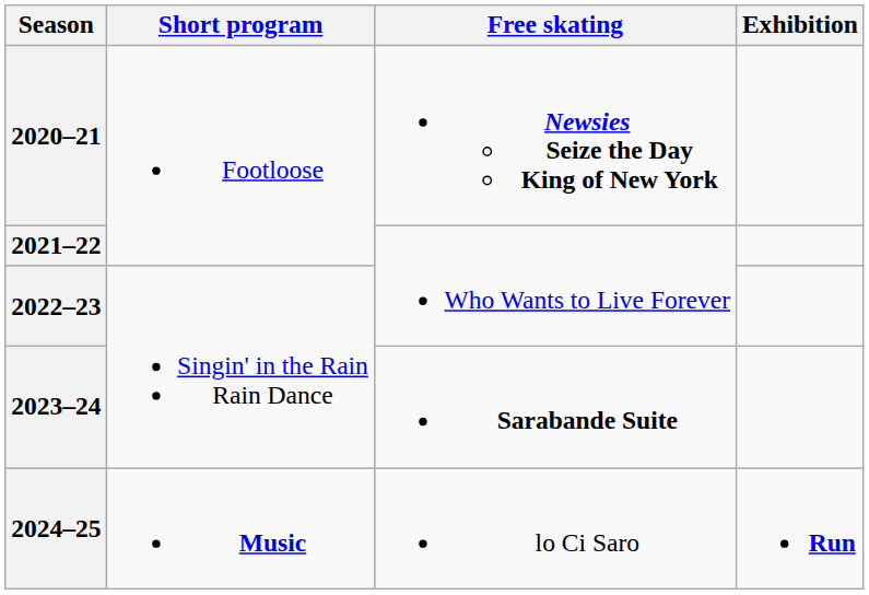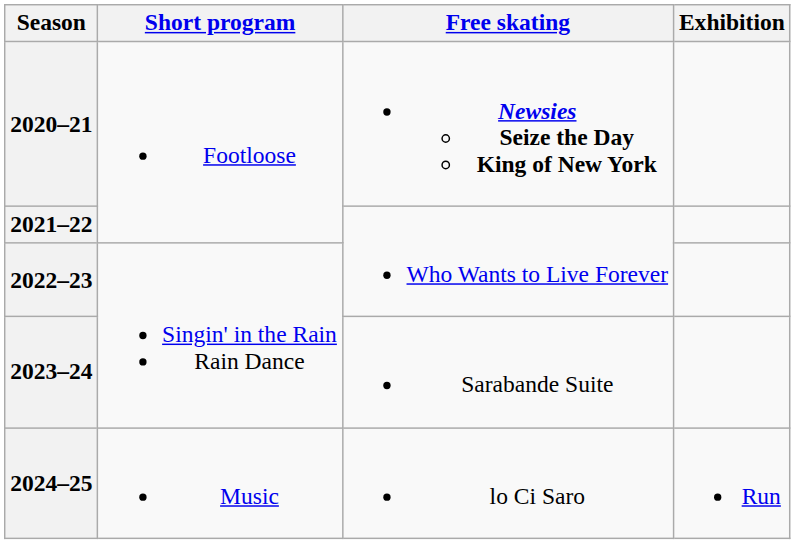 <table class=wikitable style=text-align:center>
 <tr>
 <th>Season</th>
 <th><a href='#'>Short program</a></th>
 <th><a href='#'>Free skating</a></th>
 <th>Exhibition</th>
 </tr>
 <tr>
 <th>2020–21 <br></th>
 <td rowspan=2><br><ul><li><a href='#'>Footloose</a> <br> </li></ul></td>
 <td><strong><br><ul><li><em><a href='#'>Newsies</a></em><ul><li>Seize the Day</li><li>King of New York <br> </li></ul></li></ul></strong></td>
 <td></td>
 </tr>
 <tr>
 <th>2021–22 <br></th>
 <td rowspan=2><br><ul><li><a href='#'>Who Wants to Live Forever</a> <br> </li></ul></td>
 <td></td>
 </tr>
 <tr>
 <th>2022–23 <br></th>
 <td rowspan=2><br><ul><li><a href='#'>Singin' in the Rain</a> <br> </li><li>Rain Dance <br> </li></ul></td>
 <td></td>
 </tr>
 <tr>
 <th>2023–24 <br></th>
-<td><strong><br><ul><li>Sarabande Suite <br> </li></ul></strong></td>
+<td><br><ul><li>Sarabande Suite <br> </li></ul></td>
 <td></td>
 </tr>
 <tr>
 <th>2024–25 <br></th>
-<td><strong><br><ul><li><a href='#'>Music</a> <br></li></ul></strong></td>
+<td><br><ul><li><a href='#'>Music</a> <br></li></ul></td>
 <td><br><ul><li>lo Ci Saro  <br></li></ul></td>
-<td><strong><br><ul><li><a href='#'>Run</a> <br> </li></ul></strong></td>
+<td><br><ul><li><a href='#'>Run</a> <br> </li></ul></td>
 </tr>
 </table>
